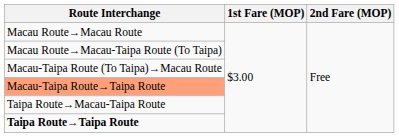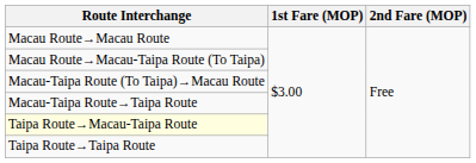 <table class="wikitable" border="1">
 <tr>
 <th>Route Interchange</th>
 <th>1st Fare (MOP)</th>
 <th>2nd Fare (MOP)</th>
 </tr>
 <tr>
 <td>Macau Route→Macau Route</td>
 <td rowspan="6">$3.00</td>
 <td rowspan="6">Free</td>
 </tr>
 <tr>
 <td>Macau Route→Macau-Taipa Route (To Taipa)</td>
 </tr>
 <tr>
 <td>Macau-Taipa Route (To Taipa)→Macau Route</td>
 </tr>
 <tr>
-<td style="background: lightsalmon;">Macau-Taipa Route→Taipa Route</td>
+<td>Macau-Taipa Route→Taipa Route</td>
 </tr>
 <tr>
-<td>Taipa Route→Macau-Taipa Route</td>
+<td style="background: lightyellow;">Taipa Route→Macau-Taipa Route</td>
 </tr>
 <tr>
-<td><strong>Taipa Route→Taipa Route</strong></td>
+<td>Taipa Route→Taipa Route</td>
 </tr>
 </table>
